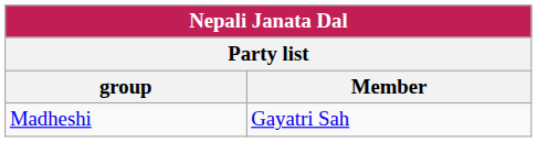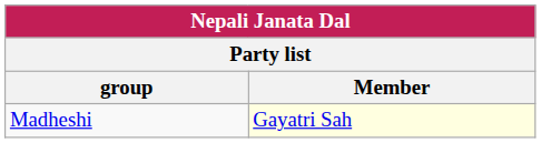 <table class="wikitable mw-collapsible mw-collapsed" role="presentation">
 <tr>
 <th colspan="2" style="width: 300pt; background:#C21E56; color: white;">Nepali Janata Dal</th>
 </tr>
 <tr>
 <th colspan="2">Party list</th>
 </tr>
 <tr>
 <th> group</th>
 <th>Member</th>
 </tr>
 <tr>
 <td><a href='#'>Madheshi</a></td>
-<td><a href='#'>Gayatri Sah</a></td>
+<td style="background: lightyellow;"><a href='#'>Gayatri Sah</a></td>
 </tr>
 </table>
